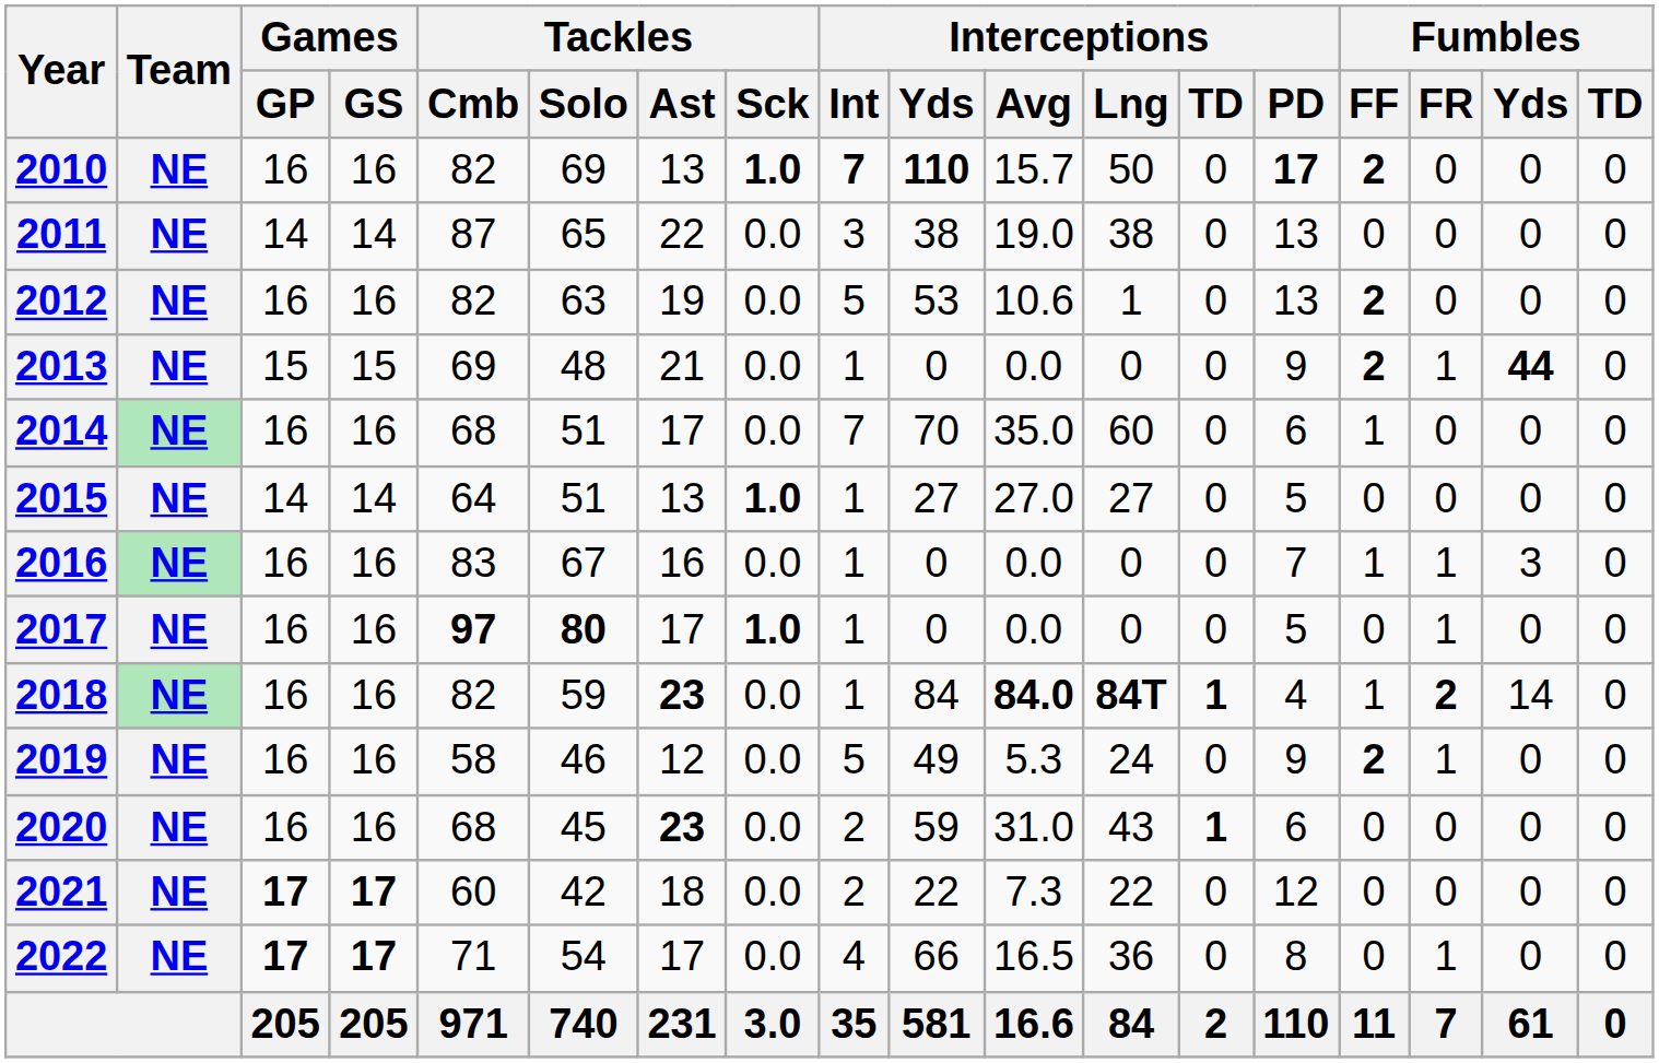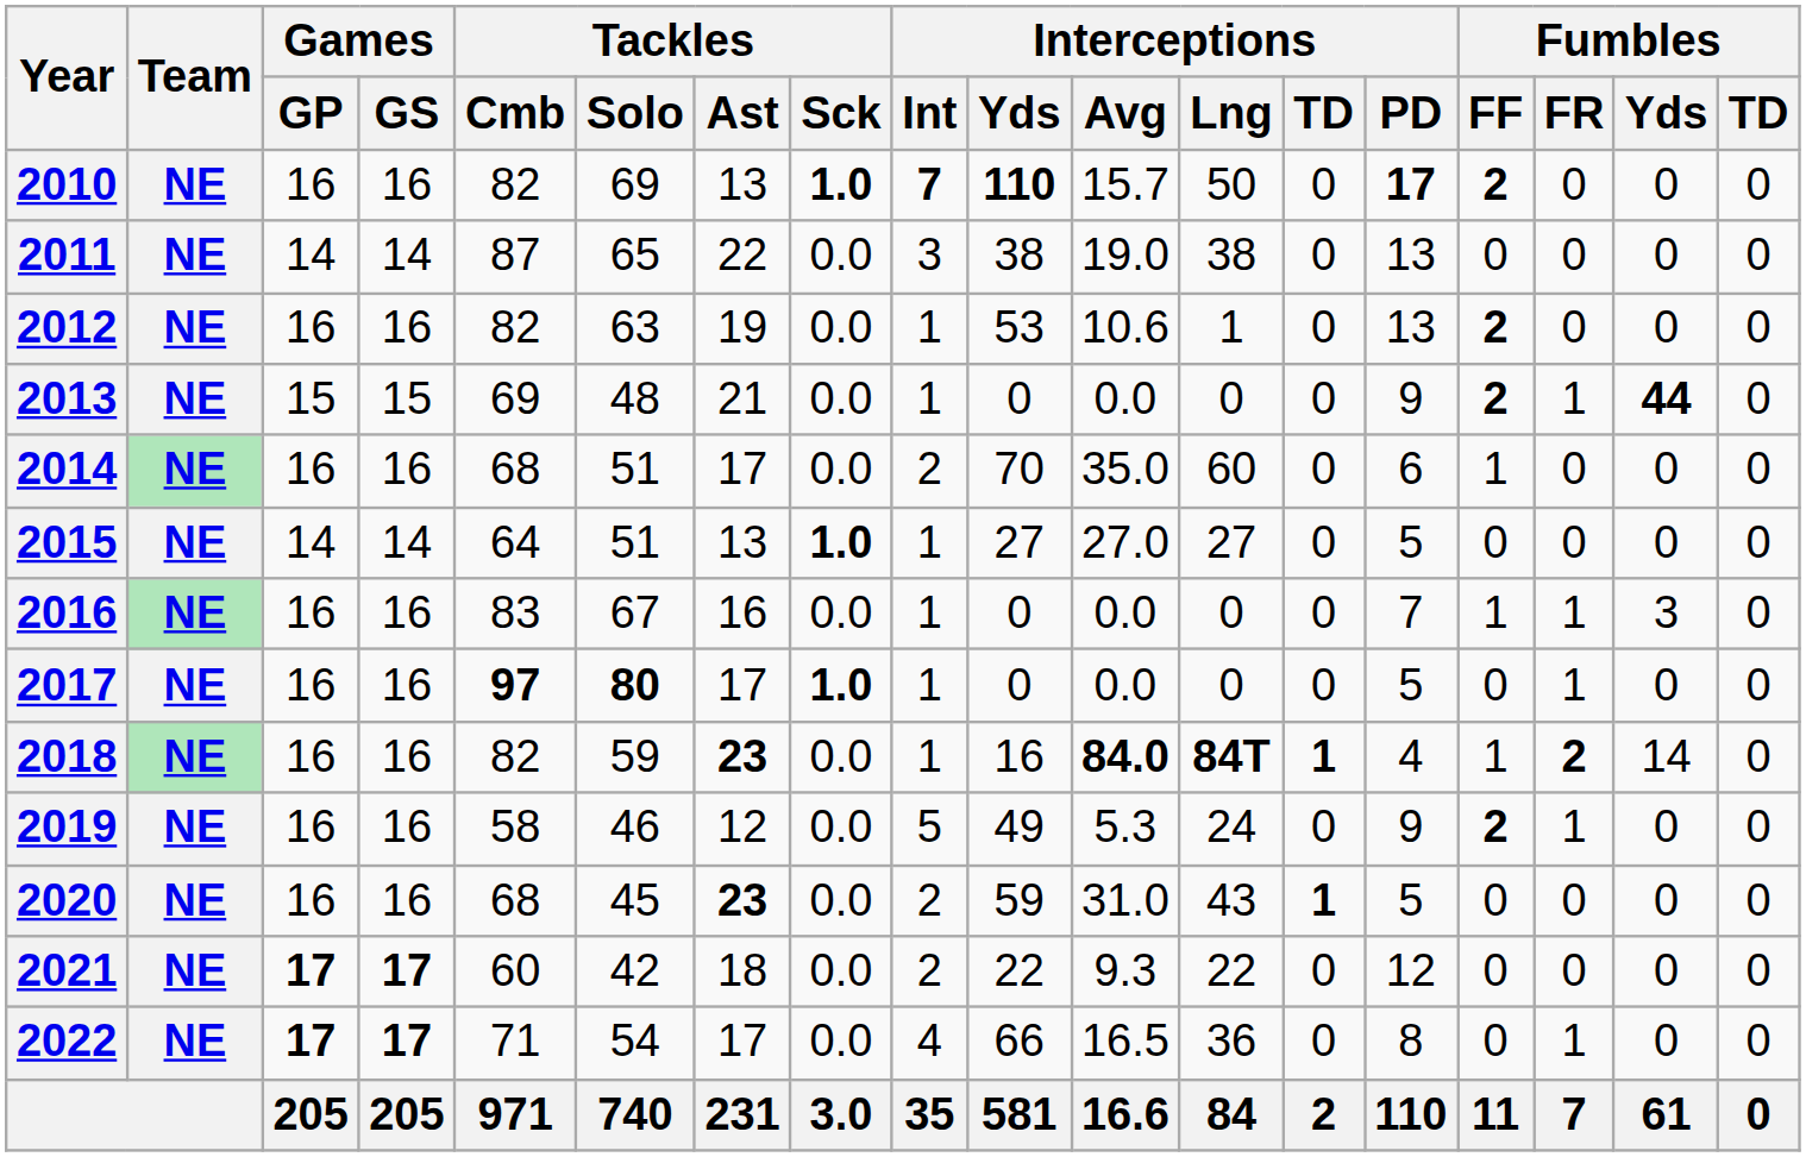 <table class="wikitable" style="text-align:center;">
 <tr>
 <th rowspan="2">Year</th>
 <th rowspan="2">Team</th>
 <th colspan="2">Games</th>
 <th colspan="4">Tackles</th>
 <th colspan="6">Interceptions</th>
 <th colspan="4">Fumbles</th>
 </tr>
 <tr>
 <th>GP</th>
 <th>GS</th>
 <th>Cmb</th>
 <th>Solo</th>
 <th>Ast</th>
 <th>Sck</th>
 <th>Int</th>
 <th>Yds</th>
 <th>Avg</th>
 <th>Lng</th>
 <th>TD</th>
 <th>PD</th>
 <th>FF</th>
 <th>FR</th>
 <th>Yds</th>
 <th>TD</th>
 </tr>
 <tr>
 <th><a href='#'>2010</a></th>
 <th><a href='#'>NE</a></th>
 <td>16</td>
 <td>16</td>
 <td>82</td>
 <td>69</td>
 <td>13</td>
 <td><strong>1.0</strong></td>
 <td><strong>7</strong></td>
 <td><strong>110</strong></td>
 <td>15.7</td>
 <td>50</td>
 <td>0</td>
 <td><strong>17</strong></td>
 <td><strong>2</strong></td>
 <td>0</td>
 <td>0</td>
 <td>0</td>
 </tr>
 <tr>
 <th><a href='#'>2011</a></th>
 <th><a href='#'>NE</a></th>
 <td>14</td>
 <td>14</td>
 <td>87</td>
 <td>65</td>
 <td>22</td>
 <td>0.0</td>
 <td>3</td>
 <td>38</td>
 <td>19.0</td>
 <td>38</td>
 <td>0</td>
 <td>13</td>
 <td>0</td>
 <td>0</td>
 <td>0</td>
 <td>0</td>
 </tr>
 <tr>
 <th><a href='#'>2012</a></th>
 <th><a href='#'>NE</a></th>
 <td>16</td>
 <td>16</td>
 <td>82</td>
 <td>63</td>
 <td>19</td>
 <td>0.0</td>
-<td>5</td>
+<td>1</td>
 <td>53</td>
 <td>10.6</td>
 <td>1</td>
 <td>0</td>
 <td>13</td>
 <td><strong>2</strong></td>
 <td>0</td>
 <td>0</td>
 <td>0</td>
 </tr>
 <tr>
 <th><a href='#'>2013</a></th>
 <th><a href='#'>NE</a></th>
 <td>15</td>
 <td>15</td>
 <td>69</td>
 <td>48</td>
 <td>21</td>
 <td>0.0</td>
 <td>1</td>
 <td>0</td>
 <td>0.0</td>
 <td>0</td>
 <td>0</td>
 <td>9</td>
 <td><strong>2</strong></td>
 <td>1</td>
 <td><strong>44</strong></td>
 <td>0</td>
 </tr>
 <tr>
 <th><a href='#'>2014</a></th>
 <th style="background:#afe6ba;"><a href='#'>NE</a></th>
 <td>16</td>
 <td>16</td>
 <td>68</td>
 <td>51</td>
 <td>17</td>
 <td>0.0</td>
-<td>7</td>
+<td>2</td>
 <td>70</td>
 <td>35.0</td>
 <td>60</td>
 <td>0</td>
 <td>6</td>
 <td>1</td>
 <td>0</td>
 <td>0</td>
 <td>0</td>
 </tr>
 <tr>
 <th><a href='#'>2015</a></th>
 <th><a href='#'>NE</a></th>
 <td>14</td>
 <td>14</td>
 <td>64</td>
 <td>51</td>
 <td>13</td>
 <td><strong>1.0</strong></td>
 <td>1</td>
 <td>27</td>
 <td>27.0</td>
 <td>27</td>
 <td>0</td>
 <td>5</td>
 <td>0</td>
 <td>0</td>
 <td>0</td>
 <td>0</td>
 </tr>
 <tr>
 <th><a href='#'>2016</a></th>
 <th style="background:#afe6ba;"><a href='#'>NE</a></th>
 <td>16</td>
 <td>16</td>
 <td>83</td>
 <td>67</td>
 <td>16</td>
 <td>0.0</td>
 <td>1</td>
 <td>0</td>
 <td>0.0</td>
 <td>0</td>
 <td>0</td>
 <td>7</td>
 <td>1</td>
 <td>1</td>
 <td>3</td>
 <td>0</td>
 </tr>
 <tr>
 <th><a href='#'>2017</a></th>
 <th><a href='#'>NE</a></th>
 <td>16</td>
 <td>16</td>
 <td><strong>97</strong></td>
 <td><strong>80</strong></td>
 <td>17</td>
 <td><strong>1.0 </strong></td>
 <td>1</td>
 <td>0</td>
 <td>0.0</td>
 <td>0</td>
 <td>0</td>
 <td>5</td>
 <td>0</td>
 <td>1</td>
 <td>0</td>
 <td>0</td>
 </tr>
 <tr>
 <th><a href='#'>2018</a></th>
 <th style="background:#afe6ba;"><a href='#'>NE</a></th>
 <td>16</td>
 <td>16</td>
 <td>82</td>
 <td>59</td>
 <td><strong>23</strong></td>
 <td>0.0</td>
 <td>1</td>
-<td>84</td>
+<td>16</td>
 <td><strong>84.0</strong></td>
 <td><strong>84T</strong></td>
 <td><strong>1</strong></td>
 <td>4</td>
 <td>1</td>
 <td><strong>2</strong></td>
 <td>14</td>
 <td>0</td>
 </tr>
 <tr>
 <th><a href='#'>2019</a></th>
 <th><a href='#'>NE</a></th>
 <td>16</td>
 <td>16</td>
 <td>58</td>
 <td>46</td>
 <td>12</td>
 <td>0.0</td>
 <td>5</td>
 <td>49</td>
 <td>5.3</td>
 <td>24</td>
 <td>0</td>
 <td>9</td>
 <td><strong>2</strong></td>
 <td>1</td>
 <td>0</td>
 <td>0</td>
 </tr>
 <tr>
 <th><a href='#'>2020</a></th>
 <th><a href='#'>NE</a></th>
 <td>16</td>
 <td>16</td>
 <td>68</td>
 <td>45</td>
 <td><strong>23</strong></td>
 <td>0.0</td>
 <td>2</td>
 <td>59</td>
 <td>31.0</td>
 <td>43</td>
 <td><strong>1</strong></td>
-<td>6</td>
+<td>5</td>
 <td>0</td>
 <td>0</td>
 <td>0</td>
 <td>0</td>
 </tr>
 <tr>
 <th><a href='#'>2021</a></th>
 <th><a href='#'>NE</a></th>
 <td><strong>17</strong></td>
 <td><strong>17</strong></td>
 <td>60</td>
 <td>42</td>
 <td>18</td>
 <td>0.0</td>
 <td>2</td>
 <td>22</td>
-<td>7.3</td>
+<td>9.3</td>
 <td>22</td>
 <td>0</td>
 <td>12</td>
 <td>0</td>
 <td>0</td>
 <td>0</td>
 <td>0</td>
 </tr>
 <tr>
 <th><a href='#'>2022</a></th>
 <th><a href='#'>NE</a></th>
 <td><strong>17</strong></td>
 <td><strong>17</strong></td>
 <td>71</td>
 <td>54</td>
 <td>17</td>
 <td>0.0</td>
 <td>4</td>
 <td>66</td>
 <td>16.5</td>
 <td>36</td>
 <td>0</td>
 <td>8</td>
 <td>0</td>
 <td>1</td>
 <td>0</td>
 <td>0</td>
 </tr>
 <tr>
 <th colspan="2"></th>
 <th>205</th>
 <th>205</th>
 <th>971</th>
 <th>740</th>
 <th>231</th>
 <th>3.0</th>
 <th>35</th>
 <th>581</th>
 <th>16.6</th>
 <th>84</th>
 <th>2</th>
 <th>110</th>
 <th>11</th>
 <th>7</th>
 <th>61</th>
 <th>0</th>
 </tr>
 </table>
